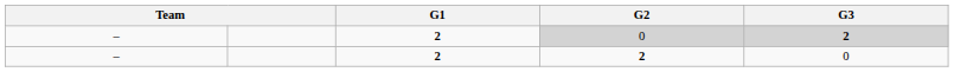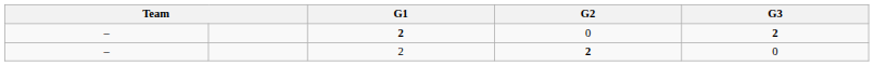 <table class="wikitable" style="font-size:90%; width: 55%; text-align: center">
 <tr>
 <th colspan=2>Team</th>
 <th>G1</th>
 <th>G2</th>
 <th>G3</th>
 </tr>
 <tr>
 <td>–</td>
 <td><strong></strong></td>
 <td><strong>2</strong></td>
-<td style="background: lightgrey;">0</td>
-<td style="background: lightgrey;"><strong>2</strong></td>
+<td>0</td>
+<td><strong>2</strong></td>
 </tr>
 <tr>
 <td>–</td>
 <td></td>
-<td><strong>2</strong></td>
+<td>2</td>
 <td><strong>2</strong></td>
 <td>0</td>
 </tr>
 </table>
